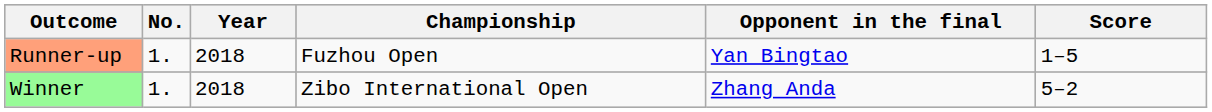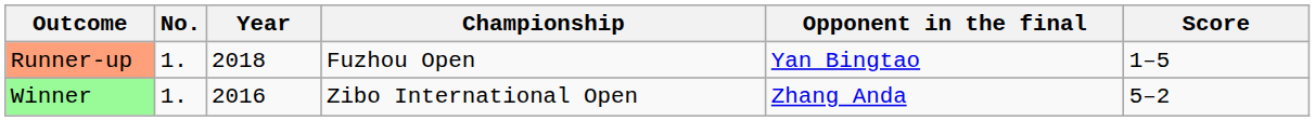 <table class="wikitable sortable">
 <tr>
 <th style="width:80px;">Outcome</th>
 <th style="width:20px;">No.</th>
 <th style="width:60px;">Year</th>
 <th style="width:250px;">Championship</th>
 <th style="width:200px;">Opponent in the final</th>
 <th style="width:100px;">Score</th>
 </tr>
 <tr>
 <td style="background:#ffa07a;">Runner-up</td>
 <td>1.</td>
 <td>2018</td>
 <td>Fuzhou Open</td>
 <td> <a href='#'>Yan Bingtao</a></td>
 <td>1–5</td>
 </tr>
 <tr>
 <td style="background:#98FB98">Winner</td>
 <td>1.</td>
-<td>2018</td>
+<td>2016</td>
 <td>Zibo International Open</td>
 <td> <a href='#'>Zhang Anda</a></td>
 <td>5–2</td>
 </tr>
 </table>
